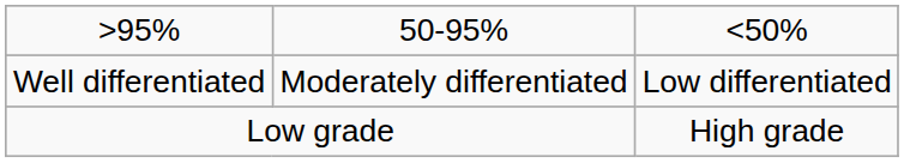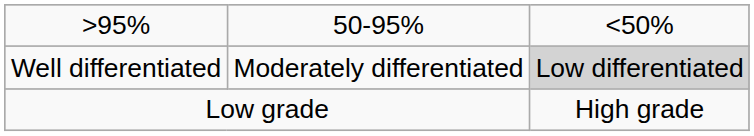 <table class="wikitable" style="text-align: center;">
 <tr>
 <td>>95%</td>
 <td>50-95%</td>
 <td><50%</td>
 </tr>
 <tr>
 <td>Well differentiated</td>
 <td>Moderately differentiated</td>
-<td>Low differentiated</td>
+<td style="background: lightgrey;">Low differentiated</td>
 </tr>
 <tr>
 <td colspan=2>Low grade</td>
 <td>High grade</td>
 </tr>
 </table>
